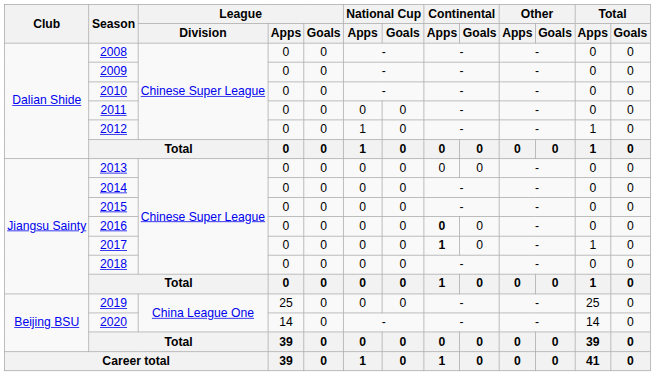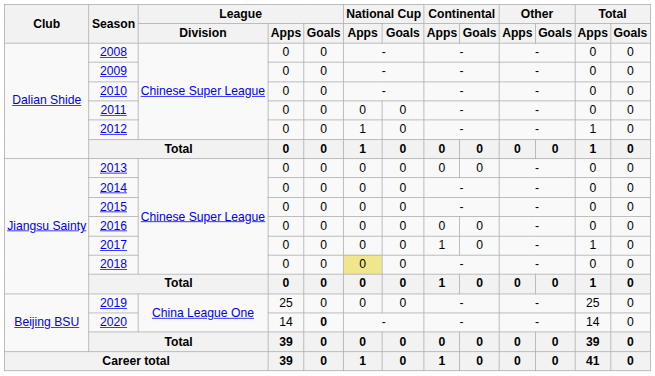 <table class="wikitable" style="text-align: center">
 <tr>
 <th rowspan="2">Club</th>
 <th rowspan="2">Season</th>
 <th colspan="3">League</th>
 <th colspan="2">National Cup</th>
 <th colspan="2">Continental</th>
 <th colspan="2">Other</th>
 <th colspan="2">Total</th>
 </tr>
 <tr>
 <th>Division</th>
 <th>Apps</th>
 <th>Goals</th>
 <th>Apps</th>
 <th>Goals</th>
 <th>Apps</th>
 <th>Goals</th>
 <th>Apps</th>
 <th>Goals</th>
 <th>Apps</th>
 <th>Goals</th>
 </tr>
 <tr>
 <td rowspan=6><a href='#'>Dalian Shide</a></td>
 <td><a href='#'>2008</a></td>
 <td rowspan=5><a href='#'>Chinese Super League</a></td>
 <td>0</td>
 <td>0</td>
 <td colspan="2">-</td>
 <td colspan="2">-</td>
 <td colspan="2">-</td>
 <td>0</td>
 <td>0</td>
 </tr>
 <tr>
 <td><a href='#'>2009</a></td>
 <td>0</td>
 <td>0</td>
 <td colspan="2">-</td>
 <td colspan="2">-</td>
 <td colspan="2">-</td>
 <td>0</td>
 <td>0</td>
 </tr>
 <tr>
 <td><a href='#'>2010</a></td>
 <td>0</td>
 <td>0</td>
 <td colspan="2">-</td>
 <td colspan="2">-</td>
 <td colspan="2">-</td>
 <td>0</td>
 <td>0</td>
 </tr>
 <tr>
 <td><a href='#'>2011</a></td>
 <td>0</td>
 <td>0</td>
 <td>0</td>
 <td>0</td>
 <td colspan="2">-</td>
 <td colspan="2">-</td>
 <td>0</td>
 <td>0</td>
 </tr>
 <tr>
 <td><a href='#'>2012</a></td>
 <td>0</td>
 <td>0</td>
 <td>1</td>
 <td>0</td>
 <td colspan="2">-</td>
 <td colspan="2">-</td>
 <td>1</td>
 <td>0</td>
 </tr>
 <tr>
 <th colspan="2"><strong>Total</strong></th>
 <th>0</th>
 <th>0</th>
 <th>1</th>
 <th>0</th>
 <th>0</th>
 <th>0</th>
 <th>0</th>
 <th>0</th>
 <th>1</th>
 <th>0</th>
 </tr>
 <tr>
 <td rowspan=7><a href='#'>Jiangsu Sainty</a></td>
 <td><a href='#'>2013</a></td>
 <td rowspan=6><a href='#'>Chinese Super League</a></td>
 <td>0</td>
 <td>0</td>
 <td>0</td>
 <td>0</td>
 <td>0</td>
 <td>0</td>
 <td colspan="2">-</td>
 <td>0</td>
 <td>0</td>
 </tr>
 <tr>
 <td><a href='#'>2014</a></td>
 <td>0</td>
 <td>0</td>
 <td>0</td>
 <td>0</td>
 <td colspan="2">-</td>
 <td colspan="2">-</td>
 <td>0</td>
 <td>0</td>
 </tr>
 <tr>
 <td><a href='#'>2015</a></td>
 <td>0</td>
 <td>0</td>
 <td>0</td>
 <td>0</td>
 <td colspan="2">-</td>
 <td colspan="2">-</td>
 <td>0</td>
 <td>0</td>
 </tr>
 <tr>
 <td><a href='#'>2016</a></td>
 <td>0</td>
 <td>0</td>
 <td>0</td>
 <td>0</td>
-<td><strong>0</strong></td>
+<td>0</td>
 <td>0</td>
 <td colspan="2">-</td>
 <td>0</td>
 <td>0</td>
 </tr>
 <tr>
 <td><a href='#'>2017</a></td>
 <td>0</td>
 <td>0</td>
 <td>0</td>
 <td>0</td>
-<td><strong>1</strong></td>
+<td>1</td>
 <td>0</td>
 <td colspan="2">-</td>
 <td>1</td>
 <td>0</td>
 </tr>
 <tr>
 <td><a href='#'>2018</a></td>
 <td>0</td>
 <td>0</td>
-<td>0</td>
+<td style="background: khaki;">0</td>
 <td>0</td>
 <td colspan="2">-</td>
 <td colspan="2">-</td>
 <td>0</td>
 <td>0</td>
 </tr>
 <tr>
 <th colspan="2"><strong>Total</strong></th>
 <th>0</th>
 <th>0</th>
 <th>0</th>
 <th>0</th>
 <th>1</th>
 <th>0</th>
 <th>0</th>
 <th>0</th>
 <th>1</th>
 <th>0</th>
 </tr>
 <tr>
 <td rowspan=3><a href='#'>Beijing BSU</a></td>
 <td><a href='#'>2019</a></td>
 <td rowspan=2><a href='#'>China League One</a></td>
 <td>25</td>
 <td>0</td>
 <td>0</td>
 <td>0</td>
 <td colspan="2">-</td>
 <td colspan="2">-</td>
 <td>25</td>
 <td>0</td>
 </tr>
 <tr>
 <td><a href='#'>2020</a></td>
 <td>14</td>
-<td>0</td>
+<td><strong>0</strong></td>
 <td colspan="2">-</td>
 <td colspan="2">-</td>
 <td colspan="2">-</td>
 <td>14</td>
 <td>0</td>
 </tr>
 <tr>
 <th colspan="2"><strong>Total</strong></th>
 <th>39</th>
 <th>0</th>
 <th>0</th>
 <th>0</th>
 <th>0</th>
 <th>0</th>
 <th>0</th>
 <th>0</th>
 <th>39</th>
 <th>0</th>
 </tr>
 <tr>
 <th colspan=3>Career total</th>
 <th>39</th>
 <th>0</th>
 <th>1</th>
 <th>0</th>
 <th>1</th>
 <th>0</th>
 <th>0</th>
 <th>0</th>
 <th>41</th>
 <th>0</th>
 </tr>
 </table>
